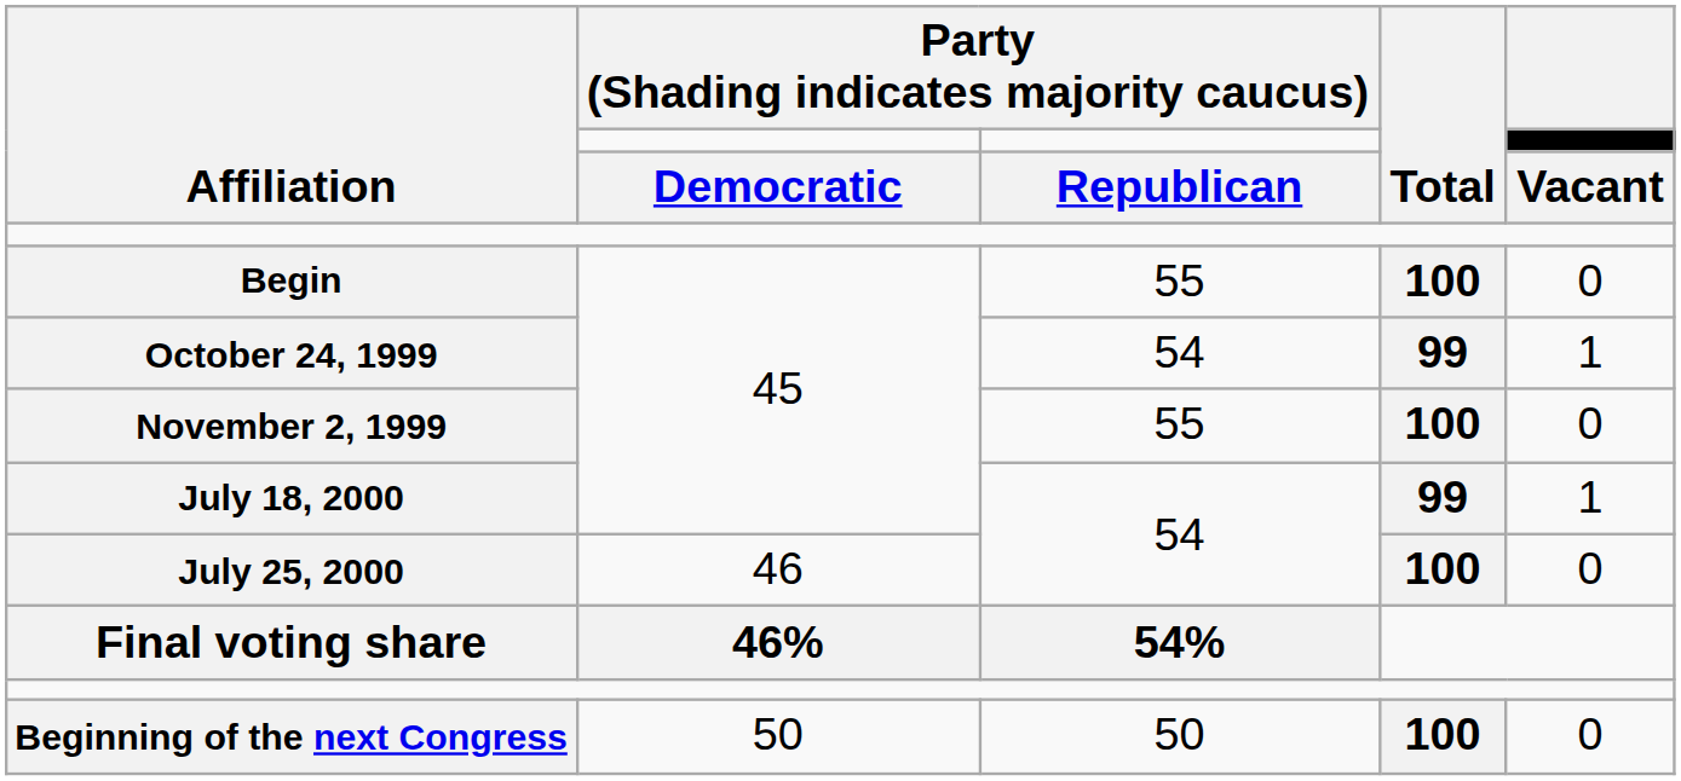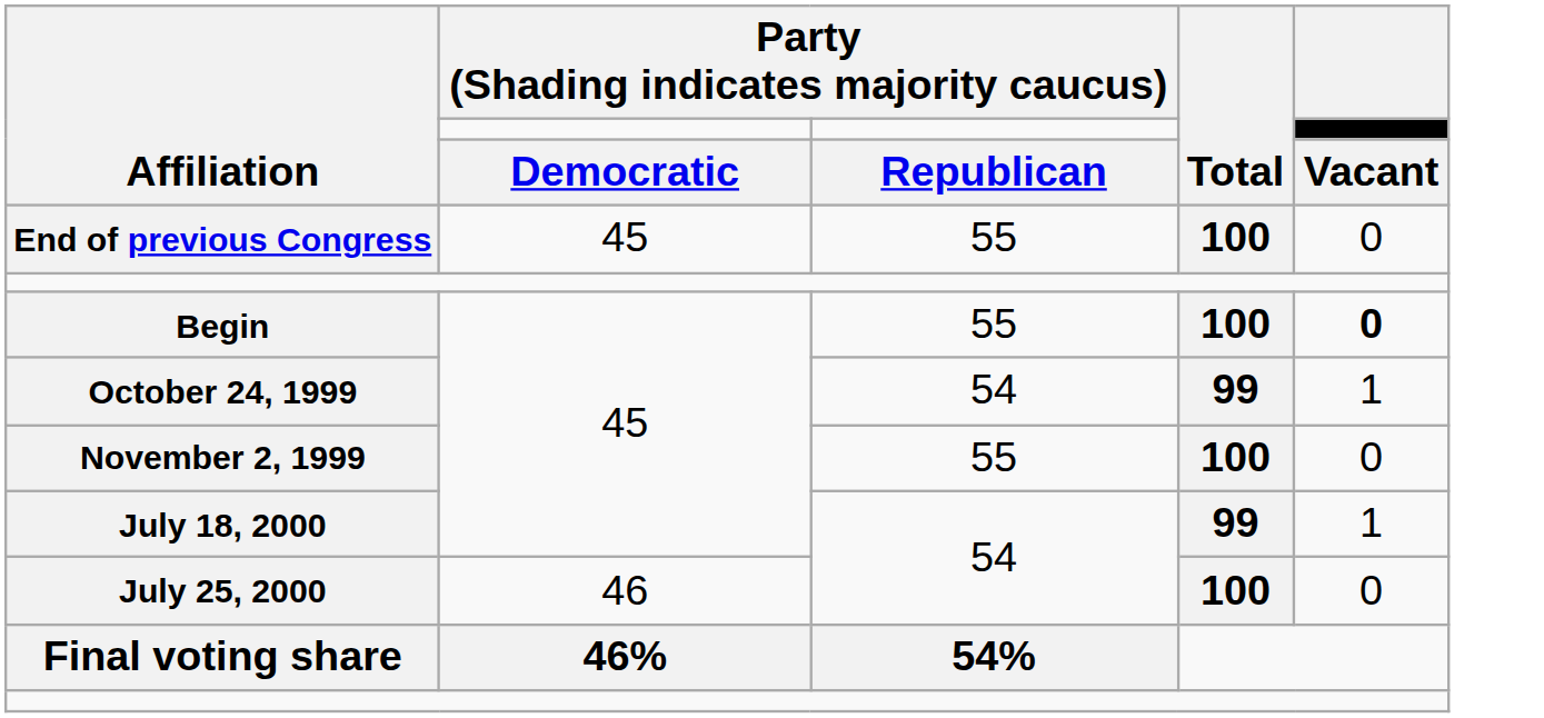 <table class="wikitable" style="text-align:center">
 <tr style="vertical-align:bottom;">
 <th rowspan=3>Affiliation</th>
 <th colspan=2>Party <div>(Shading indicates majority caucus)</div></th>
 <th rowspan=3>Total</th>
 <th></th>
 </tr>
 <tr style="height:5px">
 <td style="background-color:"></td>
 <td style="background-color:"></td>
 <td style="background-color:black"></td>
 </tr>
 <tr>
 <th><a href='#'>Democratic</a></th>
 <th><a href='#'>Republican</a></th>
 <th>Vacant</th>
 </tr>
 <tr>
+<th nowrap style="font-size:80%">End of <a href='#'>previous Congress</a></th>
+<td>45</td>
+<td>55</td>
+<th>100</th>
+<td>0</td>
+</tr>
+<tr>
 <td colspan=5></td>
 </tr>
 <tr>
 <th nowrap style="font-size:80%">Begin</th>
 <td rowspan=4>45</td>
 <td>55</td>
 <th>100</th>
-<td>0</td>
+<td><strong>0</strong></td>
 </tr>
 <tr style="text-align:center;">
 <th nowrap style="font-size:80%">October 24, 1999</th>
 <td align=center >54</td>
 <th>99</th>
 <td>1</td>
 </tr>
 <tr style="text-align:center;">
 <th nowrap style="font-size:80%">November 2, 1999</th>
 <td>55</td>
 <th>100</th>
 <td>0</td>
 </tr>
 <tr style="text-align:center;">
 <th nowrap style="font-size:80%">July 18, 2000</th>
 <td rowspan=2 >54</td>
 <th>99</th>
 <td>1</td>
 </tr>
 <tr style="text-align:center;">
 <th nowrap style="font-size:80%">July 25, 2000</th>
 <td>46</td>
 <th>100</th>
 <td>0</td>
 </tr>
 <tr style="text-align:center;">
 <th>Final voting share</th>
 <th>46%</th>
 <th>54%</th>
 <td colspan=2></td>
 </tr>
 <tr>
 <td colspan=5></td>
 </tr>
-<tr>
-<th nowrap style="font-size:80%">Beginning of the <a href='#'>next Congress</a></th>
-<td>50</td>
-<td>50</td>
-<th>100</th>
-<td>0</td>
-</tr>
 </table>
